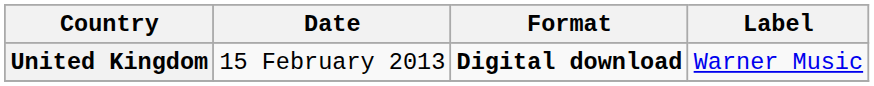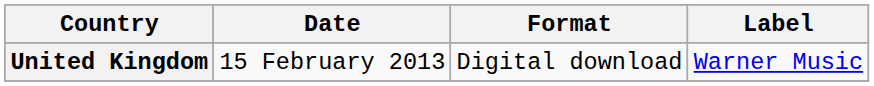 <table class="wikitable plainrowheaders">
 <tr>
 <th scope="col">Country</th>
 <th scope="col">Date</th>
 <th scope="col">Format</th>
 <th scope="col">Label</th>
 </tr>
 <tr>
 <th scope="row">United Kingdom</th>
 <td>15 February 2013</td>
-<td><strong>Digital download</strong></td>
+<td>Digital download</td>
 <td><a href='#'>Warner Music</a></td>
 </tr>
 <tr>
 </tr>
 </table>
